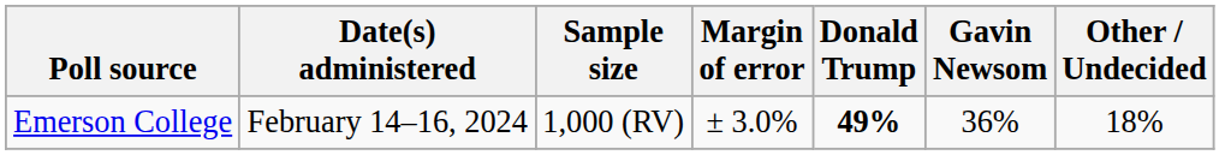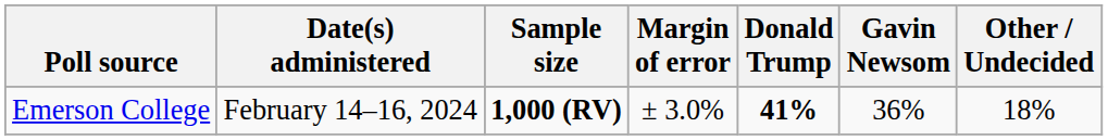 <table class="wikitable sortable mw-datatable" style="font-size:90%;text-align:center;line-height:17px">
 <tr valign=bottom>
 <th>Poll source</th>
 <th>Date(s)<br>administered</th>
 <th>Sample<br>size</th>
 <th>Margin<br>of error</th>
 <th class="unsortable">Donald<br>Trump<br></th>
 <th class="unsortable">Gavin<br>Newsom<br></th>
 <th class="unsortable">Other /<br>Undecided</th>
 </tr>
 <tr>
 <td style="text-align:left;"><a href='#'>Emerson College</a></td>
 <td data-sort-value="2024-02-21">February 14–16, 2024</td>
-<td>1,000 (RV)</td>
+<td><strong>1,000 (RV)</strong></td>
 <td>± 3.0%</td>
-<td style="background-color:"><strong>49%</strong></td>
+<td style="background-color:"><strong>41%</strong></td>
 <td>36%</td>
 <td>18%</td>
 </tr>
 </table>
